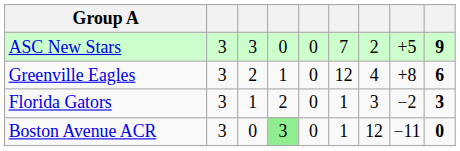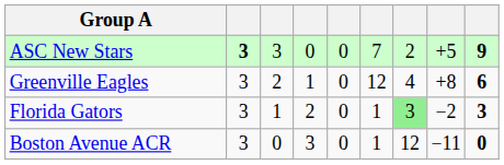 <table class="wikitable" style="text-align:center">
 <tr>
 <th width="175">Group A</th>
 <th width="20"></th>
 <th width="20"></th>
 <th width="20"></th>
 <th width="20"></th>
 <th width="20"></th>
 <th width="20"></th>
 <th width="20"></th>
 <th width="20"></th>
 </tr>
 <tr bgcolor=#ccffcc>
 <td align=left><a href='#'>ASC New Stars</a></td>
-<td>3</td>
+<td><strong>3</strong></td>
 <td>3</td>
 <td>0</td>
 <td>0</td>
 <td>7</td>
 <td>2</td>
 <td>+5</td>
 <td><strong>9</strong></td>
 </tr>
 <tr>
 <td align=left><a href='#'>Greenville Eagles</a></td>
 <td>3</td>
 <td>2</td>
 <td>1</td>
 <td>0</td>
 <td>12</td>
 <td>4</td>
 <td>+8</td>
 <td><strong>6</strong></td>
 </tr>
 <tr>
 <td align=left><a href='#'>Florida Gators</a></td>
 <td>3</td>
 <td>1</td>
 <td>2</td>
 <td>0</td>
 <td>1</td>
-<td>3</td>
+<td style="background: lightgreen;">3</td>
 <td>−2</td>
 <td><strong>3</strong></td>
 </tr>
 <tr>
 <td align=left><a href='#'>Boston Avenue ACR</a></td>
 <td>3</td>
 <td>0</td>
-<td style="background: lightgreen;">3</td>
+<td>3</td>
 <td>0</td>
 <td>1</td>
 <td>12</td>
 <td>−11</td>
 <td><strong>0</strong></td>
 </tr>
 </table>
